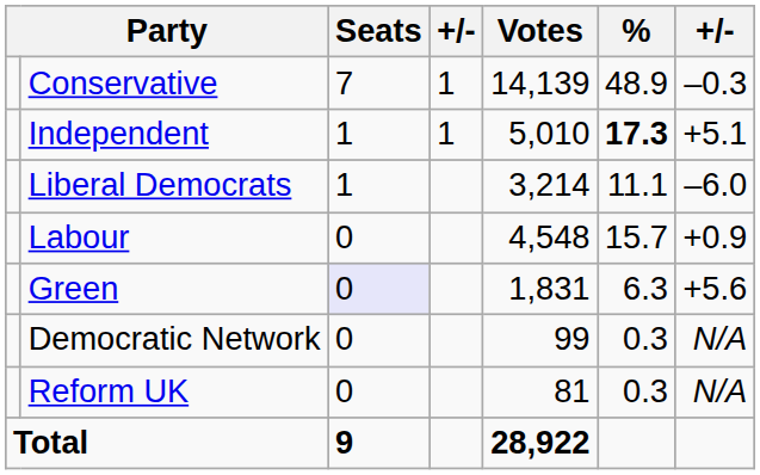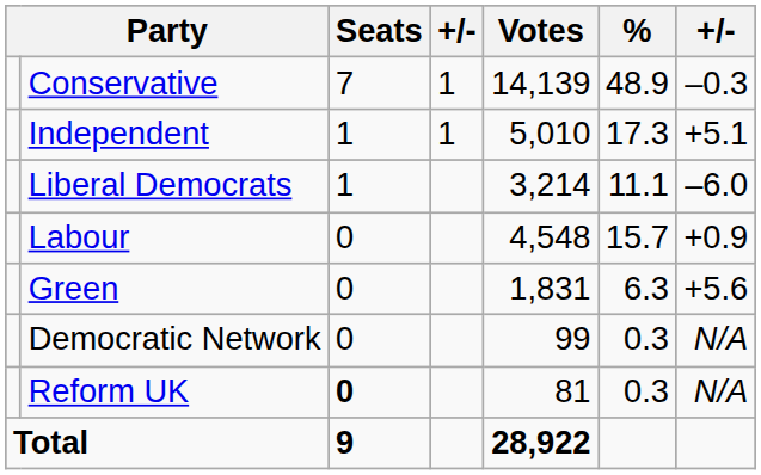 <table class="wikitable sortable">
 <tr>
 <th colspan="2">Party</th>
 <th>Seats</th>
 <th>+/-</th>
 <th>Votes</th>
 <th>%</th>
 <th>+/-</th>
 </tr>
 <tr>
 <td style="background-color: "></td>
 <td><a href='#'>Conservative</a></td>
 <td>7</td>
 <td> 1</td>
 <td style="text-align:right;">14,139</td>
 <td style="text-align:right;">48.9</td>
 <td style="text-align:right;">–0.3</td>
 </tr>
 <tr>
 <td style="background-color: "></td>
 <td><a href='#'>Independent</a></td>
 <td>1</td>
 <td> 1</td>
 <td style="text-align:right;">5,010</td>
-<td style="text-align:right;"><strong>17.3</strong></td>
+<td style="text-align:right;">17.3</td>
 <td style="text-align:right;">+5.1</td>
 </tr>
 <tr>
 <td style="background-color: "></td>
 <td><a href='#'>Liberal Democrats</a></td>
 <td>1</td>
 <td></td>
 <td style="text-align:right;">3,214</td>
 <td style="text-align:right;">11.1</td>
 <td style="text-align:right;">–6.0</td>
 </tr>
 <tr>
 <td style="background-color: "></td>
 <td><a href='#'>Labour</a></td>
 <td>0</td>
 <td></td>
 <td style="text-align:right;">4,548</td>
 <td style="text-align:right;">15.7</td>
 <td style="text-align:right;">+0.9</td>
 </tr>
 <tr>
 <td style="background-color: "></td>
 <td><a href='#'>Green</a></td>
-<td style="background: lavender;">0</td>
+<td>0</td>
 <td></td>
 <td style="text-align:right;">1,831</td>
 <td style="text-align:right;">6.3</td>
 <td style="text-align:right;">+5.6</td>
 </tr>
 <tr>
 <td style="background-color: "></td>
 <td>Democratic Network</td>
 <td>0</td>
 <td></td>
 <td style="text-align:right;">99</td>
 <td style="text-align:right;">0.3</td>
 <td style="text-align:right;"><em>N/A</em></td>
 </tr>
 <tr>
 <td style="background-color: "></td>
 <td><a href='#'>Reform UK</a></td>
-<td>0</td>
+<td><strong>0</strong></td>
 <td></td>
 <td style="text-align:right;">81</td>
 <td style="text-align:right;">0.3</td>
 <td style="text-align:right;"><em>N/A</em></td>
 </tr>
 <tr>
 <td colspan="2"><strong>Total</strong></td>
 <td><strong>9</strong></td>
 <td></td>
 <td style="text-align:right;"><strong>28,922</strong></td>
 <td style="text-align:right;"></td>
 <td style="text-align:right;"></td>
 </tr>
 </table>
